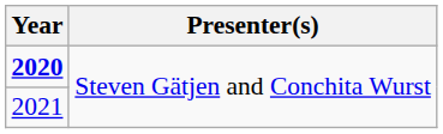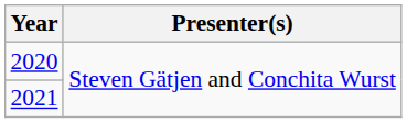 <table class="wikitable">
 <tr>
 <th>Year</th>
 <th>Presenter(s)</th>
 </tr>
 <tr>
-<td><strong><a href='#'>2020</a></strong></td>
+<td><a href='#'>2020</a></td>
 <td rowspan=2><a href='#'>Steven Gätjen</a> and <a href='#'>Conchita Wurst</a></td>
 </tr>
 <tr>
 <td><a href='#'>2021</a></td>
 </tr>
 </table>
